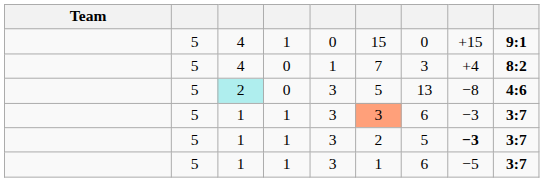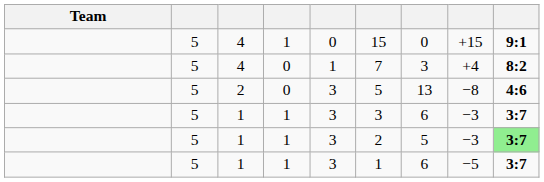 <table class="wikitable" style="text-align:center;">
 <tr>
 <th width=165>Team</th>
 <th width=40></th>
 <th width=40></th>
 <th width=40></th>
 <th width=40></th>
 <th width=40></th>
 <th width=40></th>
 <th width=40></th>
 <th width=40></th>
 </tr>
 <tr>
 <td style="text-align:left;"></td>
 <td>5</td>
 <td>4</td>
 <td>1</td>
 <td>0</td>
 <td>15</td>
 <td>0</td>
 <td>+15</td>
 <td><strong>9:1</strong></td>
 </tr>
 <tr>
 <td style="text-align:left;"></td>
 <td>5</td>
 <td>4</td>
 <td>0</td>
 <td>1</td>
 <td>7</td>
 <td>3</td>
 <td>+4</td>
 <td><strong>8:2</strong></td>
 </tr>
 <tr>
 <td style="text-align:left;"></td>
 <td>5</td>
-<td style="background: paleturquoise;">2</td>
+<td>2</td>
 <td>0</td>
 <td>3</td>
 <td>5</td>
 <td>13</td>
 <td>−8</td>
 <td><strong>4:6</strong></td>
 </tr>
 <tr>
 <td style="text-align:left;"></td>
 <td>5</td>
 <td>1</td>
 <td>1</td>
 <td>3</td>
-<td style="background: lightsalmon;">3</td>
+<td>3</td>
 <td>6</td>
 <td>−3</td>
 <td><strong>3:7</strong></td>
 </tr>
 <tr>
 <td style="text-align:left;"></td>
 <td>5</td>
 <td>1</td>
 <td>1</td>
 <td>3</td>
 <td>2</td>
 <td>5</td>
-<td><strong>−3</strong></td>
-<td><strong>3:7</strong></td>
+<td>−3</td>
+<td style="background: lightgreen;"><strong>3:7</strong></td>
 </tr>
 <tr>
 <td style="text-align:left;"></td>
 <td>5</td>
 <td>1</td>
 <td>1</td>
 <td>3</td>
 <td>1</td>
 <td>6</td>
 <td>−5</td>
 <td><strong>3:7</strong></td>
 </tr>
 </table>
